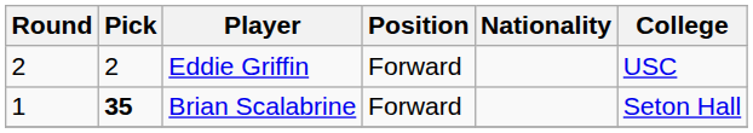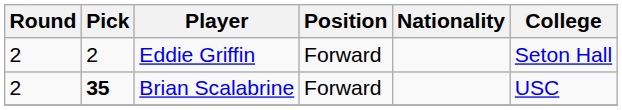 <table class="wikitable sortable sortable">
 <tr>
 <th>Round</th>
 <th>Pick</th>
 <th>Player</th>
 <th>Position</th>
 <th>Nationality</th>
 <th>College</th>
 </tr>
 <tr>
 <td>2</td>
 <td>2</td>
 <td><a href='#'>Eddie Griffin</a></td>
 <td>Forward</td>
 <td></td>
-<td><a href='#'>USC</a></td>
+<td><a href='#'>Seton Hall</a></td>
 </tr>
 <tr>
-<td>1</td>
+<td>2</td>
 <td><strong>35</strong></td>
 <td><a href='#'>Brian Scalabrine</a></td>
 <td>Forward</td>
 <td></td>
-<td><a href='#'>Seton Hall</a></td>
+<td><a href='#'>USC</a></td>
 </tr>
 <tr>
 </tr>
 </table>
